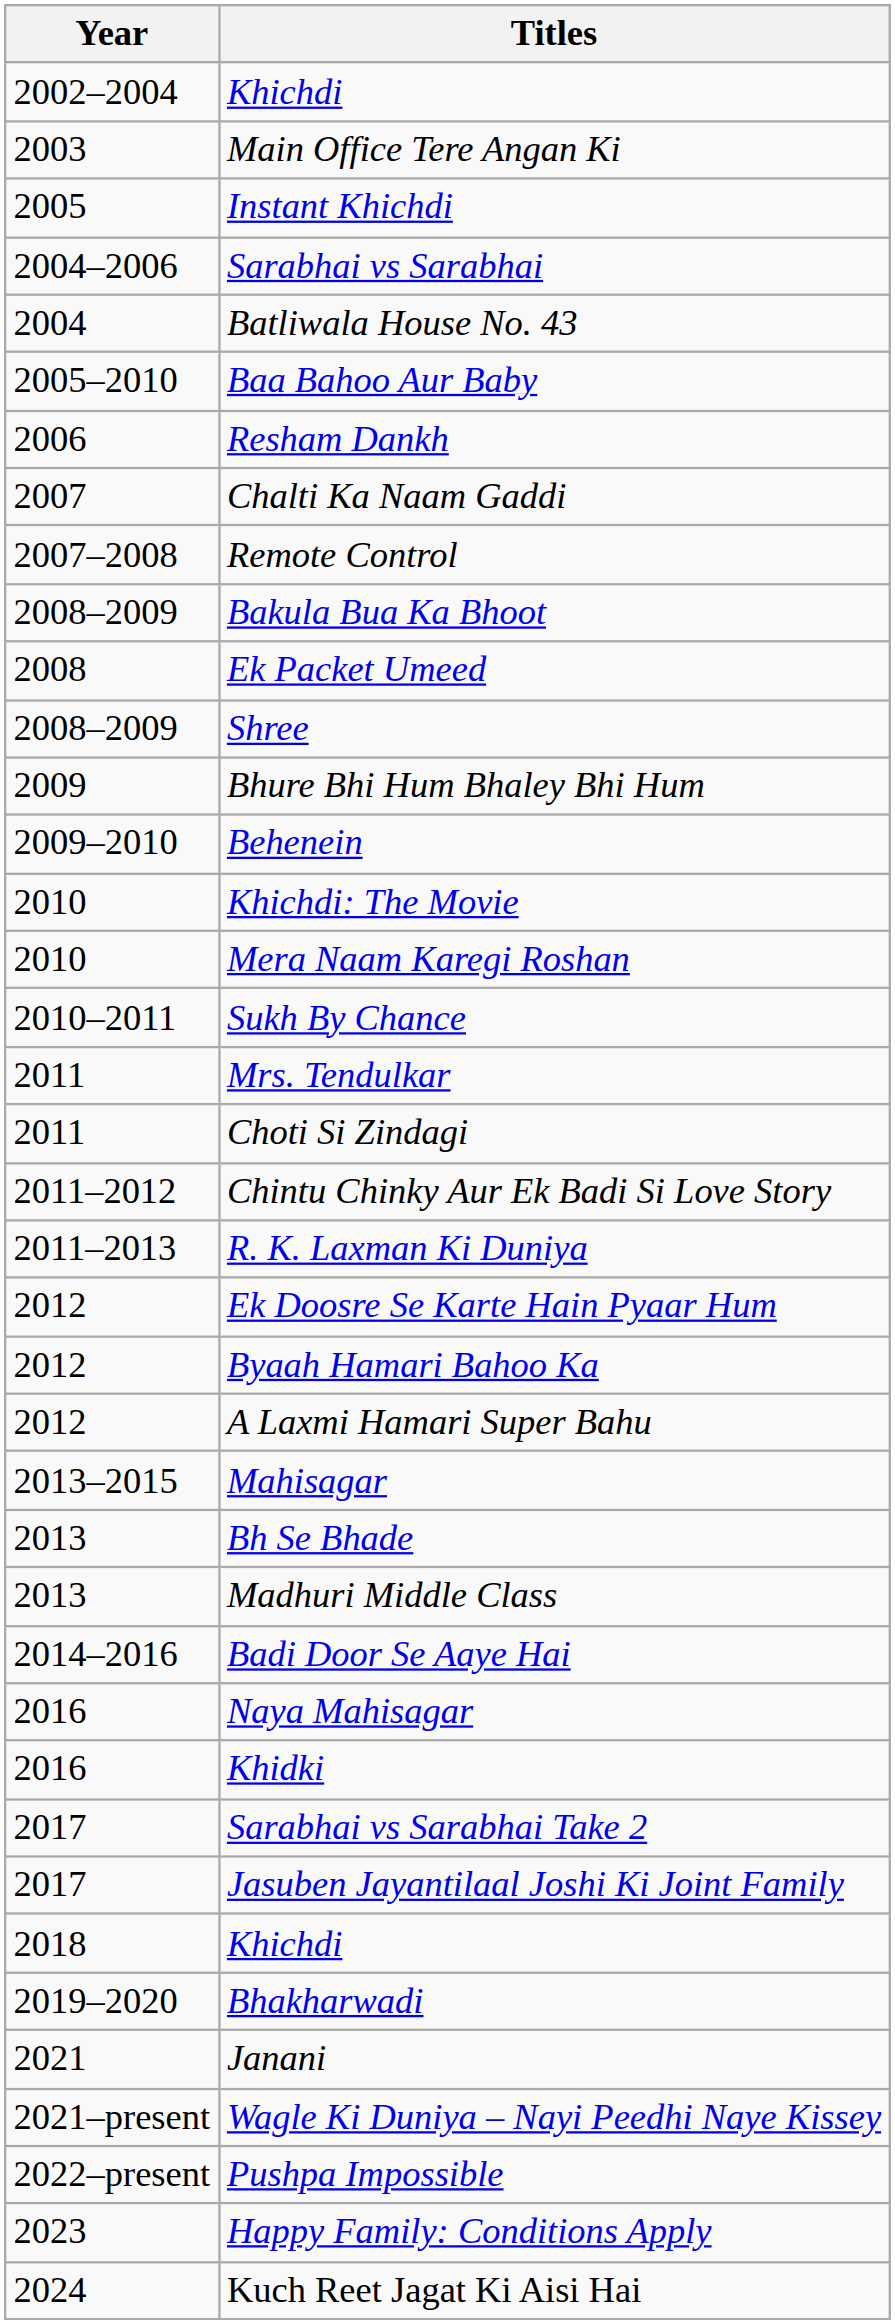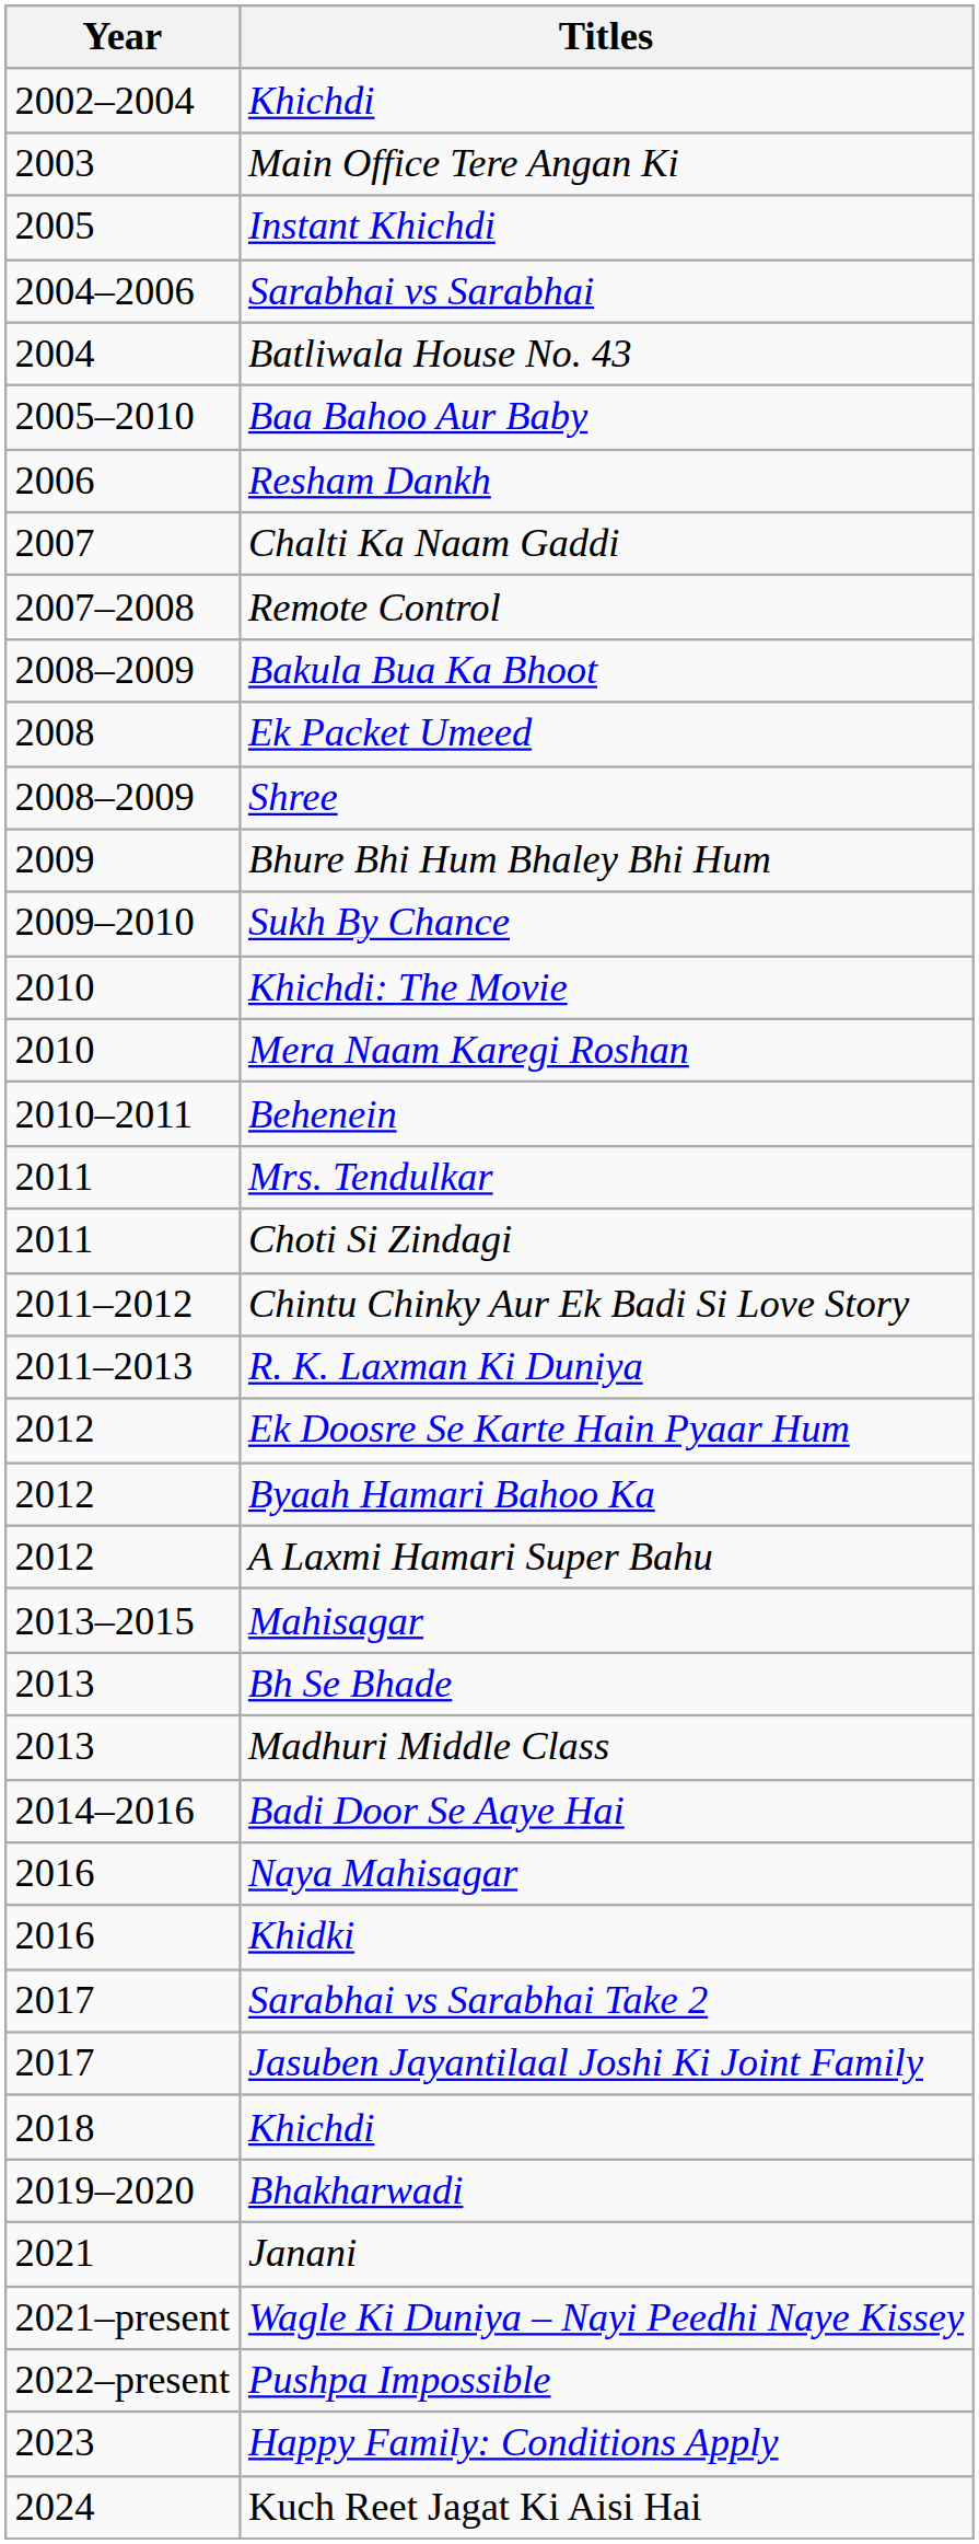 <table class="wikitable sortable">
 <tr style="background:#ccc; text-align:center;">
 <th>Year</th>
 <th>Titles</th>
 </tr>
 <tr>
 <td>2002–2004</td>
 <td><em><a href='#'>Khichdi</a></em></td>
 </tr>
 <tr>
 <td>2003</td>
 <td><em>Main Office Tere Angan Ki</em></td>
 </tr>
 <tr>
 <td>2005</td>
 <td><em><a href='#'>Instant Khichdi</a></em></td>
 </tr>
 <tr>
 <td>2004–2006</td>
 <td><em><a href='#'>Sarabhai vs Sarabhai</a></em></td>
 </tr>
 <tr>
 <td>2004</td>
 <td><em>Batliwala House No. 43</em></td>
 </tr>
 <tr>
 <td>2005–2010</td>
 <td><em><a href='#'>Baa Bahoo Aur Baby</a></em></td>
 </tr>
 <tr>
 <td>2006</td>
 <td><em><a href='#'>Resham Dankh</a></em></td>
 </tr>
 <tr>
 <td>2007</td>
 <td><em>Chalti Ka Naam Gaddi</em></td>
 </tr>
 <tr>
 <td>2007–2008</td>
 <td><em>Remote Control</em></td>
 </tr>
 <tr>
 <td>2008–2009</td>
 <td><em><a href='#'>Bakula Bua Ka Bhoot</a></em></td>
 </tr>
 <tr>
 <td>2008</td>
 <td><em><a href='#'>Ek Packet Umeed</a></em></td>
 </tr>
 <tr>
 <td>2008–2009</td>
 <td><em><a href='#'>Shree</a></em></td>
 </tr>
 <tr>
 <td>2009</td>
 <td><em>Bhure Bhi Hum Bhaley Bhi Hum</em></td>
 </tr>
 <tr>
 <td>2009–2010</td>
-<td><em><a href='#'>Behenein</a></em></td>
+<td><em><a href='#'>Sukh By Chance</a></em></td>
 </tr>
 <tr>
 <td>2010</td>
 <td><em><a href='#'>Khichdi: The Movie</a></em></td>
 </tr>
 <tr>
 <td>2010</td>
 <td><em><a href='#'>Mera Naam Karegi Roshan</a></em></td>
 </tr>
 <tr>
 <td>2010–2011</td>
-<td><em><a href='#'>Sukh By Chance</a></em></td>
+<td><em><a href='#'>Behenein</a></em></td>
 </tr>
 <tr>
 <td>2011</td>
 <td><em><a href='#'>Mrs. Tendulkar</a></em></td>
 </tr>
 <tr>
 <td>2011</td>
 <td><em>Choti Si Zindagi</em></td>
 </tr>
 <tr>
 <td>2011–2012</td>
 <td><em>Chintu Chinky Aur Ek Badi Si Love Story</em></td>
 </tr>
 <tr>
 <td>2011–2013</td>
 <td><em><a href='#'>R. K. Laxman Ki Duniya</a></em></td>
 </tr>
 <tr>
 <td>2012</td>
 <td><em><a href='#'>Ek Doosre Se Karte Hain Pyaar Hum</a></em></td>
 </tr>
 <tr>
 <td>2012</td>
 <td><em><a href='#'>Byaah Hamari Bahoo Ka</a></em></td>
 </tr>
 <tr>
 <td>2012</td>
 <td><em>A Laxmi Hamari Super Bahu</em></td>
 </tr>
 <tr>
 <td>2013–2015</td>
 <td><em><a href='#'>Mahisagar</a></em></td>
 </tr>
 <tr>
 <td>2013</td>
 <td><em><a href='#'>Bh Se Bhade</a></em></td>
 </tr>
 <tr>
 <td>2013</td>
 <td><em>Madhuri Middle Class</em></td>
 </tr>
 <tr>
 <td>2014–2016</td>
 <td><em><a href='#'>Badi Door Se Aaye Hai</a></em></td>
 </tr>
 <tr .>
 <td>2016</td>
 <td><em><a href='#'>Naya Mahisagar</a></em></td>
 </tr>
 <tr>
 <td>2016</td>
 <td><em><a href='#'>Khidki</a></em></td>
 </tr>
 <tr>
 <td>2017</td>
 <td><em><a href='#'>Sarabhai vs Sarabhai Take 2</a></em></td>
 </tr>
 <tr>
 <td>2017</td>
 <td><em><a href='#'>Jasuben Jayantilaal Joshi Ki Joint Family</a></em></td>
 </tr>
 <tr>
 <td>2018</td>
 <td><em><a href='#'>Khichdi</a></em></td>
 </tr>
 <tr>
 <td>2019–2020</td>
 <td><em><a href='#'>Bhakharwadi</a></em></td>
 </tr>
 <tr>
 <td>2021</td>
 <td><em>Janani</em></td>
 </tr>
 <tr>
 <td>2021–present</td>
 <td><em><a href='#'>Wagle Ki Duniya – Nayi Peedhi Naye Kissey</a></em></td>
 </tr>
 <tr>
 <td>2022–present</td>
 <td><em><a href='#'>Pushpa Impossible</a></em></td>
 </tr>
 <tr>
 <td>2023</td>
 <td><em><a href='#'>Happy Family: Conditions Apply</a></em></td>
 </tr>
 <tr>
 <td>2024</td>
 <td>Kuch Reet Jagat Ki Aisi Hai</td>
 </tr>
 <tr>
 </tr>
 </table>
